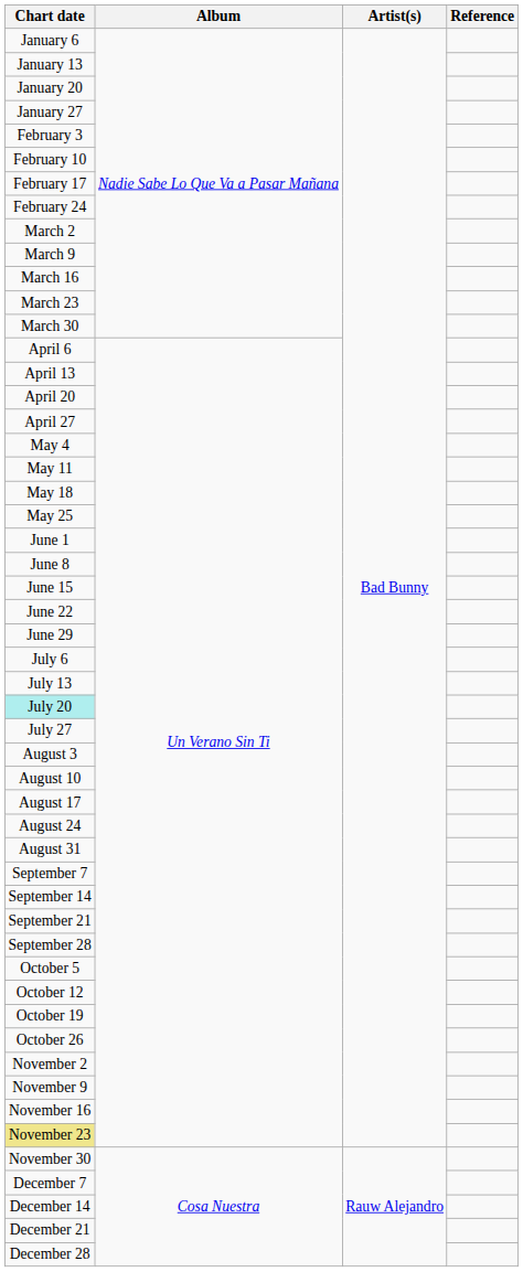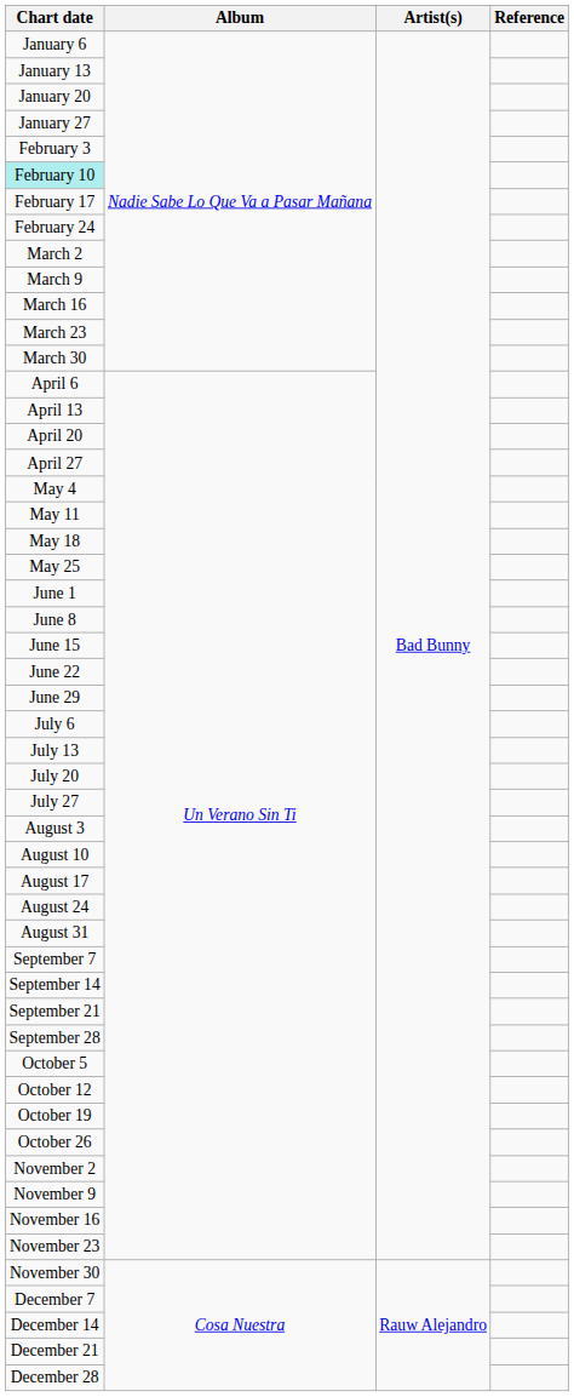 <table class="wikitable" border="1" style="text-align: center">
 <tr>
 <th>Chart date</th>
 <th>Album</th>
 <th>Artist(s)</th>
 <th class="unsortable">Reference</th>
 </tr>
 <tr>
 <td>January 6</td>
 <td rowspan="13"><em><a href='#'>Nadie Sabe Lo Que Va a Pasar Mañana</a></em></td>
 <td rowspan=47><a href='#'>Bad Bunny</a></td>
 <td></td>
 </tr>
 <tr>
 <td>January 13</td>
 <td></td>
 </tr>
 <tr>
 <td>January 20</td>
 <td></td>
 </tr>
 <tr>
 <td>January 27</td>
 <td></td>
 </tr>
 <tr>
 <td>February 3</td>
 <td></td>
 </tr>
 <tr>
-<td>February 10</td>
+<td style="background: paleturquoise;">February 10</td>
 <td></td>
 </tr>
 <tr>
 <td>February 17</td>
 <td></td>
 </tr>
 <tr>
 <td>February 24</td>
 <td></td>
 </tr>
 <tr>
 <td>March 2</td>
 <td></td>
 </tr>
 <tr>
 <td>March 9</td>
 <td></td>
 </tr>
 <tr>
 <td>March 16</td>
 <td></td>
 </tr>
 <tr>
 <td>March 23</td>
 <td></td>
 </tr>
 <tr>
 <td>March 30</td>
 <td></td>
 </tr>
 <tr>
 <td>April 6</td>
 <td rowspan="34"><em><a href='#'>Un Verano Sin Ti</a></em></td>
 <td></td>
 </tr>
 <tr>
 <td>April 13</td>
 <td></td>
 </tr>
 <tr>
 <td>April 20</td>
 <td></td>
 </tr>
 <tr>
 <td>April 27</td>
 <td></td>
 </tr>
 <tr>
 <td>May 4</td>
 <td></td>
 </tr>
 <tr>
 <td>May 11</td>
 <td></td>
 </tr>
 <tr>
 <td>May 18</td>
 <td></td>
 </tr>
 <tr>
 <td>May 25</td>
 <td></td>
 </tr>
 <tr>
 <td>June 1</td>
 <td></td>
 </tr>
 <tr>
 <td>June 8</td>
 <td></td>
 </tr>
 <tr>
 <td>June 15</td>
 <td></td>
 </tr>
 <tr>
 <td>June 22</td>
 <td></td>
 </tr>
 <tr>
 <td>June 29</td>
 <td></td>
 </tr>
 <tr>
 <td>July 6</td>
 <td></td>
 </tr>
 <tr>
 <td>July 13</td>
 <td></td>
 </tr>
 <tr>
-<td style="background: paleturquoise;">July 20</td>
+<td>July 20</td>
 <td></td>
 </tr>
 <tr>
 <td>July 27</td>
 <td></td>
 </tr>
 <tr>
 <td>August 3</td>
 <td></td>
 </tr>
 <tr>
 <td>August 10</td>
 <td></td>
 </tr>
 <tr>
 <td>August 17</td>
 <td></td>
 </tr>
 <tr>
 <td>August 24</td>
 <td></td>
 </tr>
 <tr>
 <td>August 31</td>
 <td></td>
 </tr>
 <tr>
 <td>September 7</td>
 <td></td>
 </tr>
 <tr>
 <td>September 14</td>
 <td></td>
 </tr>
 <tr>
 <td>September 21</td>
 <td></td>
 </tr>
 <tr>
 <td>September 28</td>
 <td></td>
 </tr>
 <tr>
 <td>October 5</td>
 <td></td>
 </tr>
 <tr>
 <td>October 12</td>
 <td></td>
 </tr>
 <tr>
 <td>October 19</td>
 <td></td>
 </tr>
 <tr>
 <td>October 26</td>
 <td></td>
 </tr>
 <tr>
 <td>November 2</td>
 <td></td>
 </tr>
 <tr>
 <td>November 9</td>
 <td></td>
 </tr>
 <tr>
 <td>November 16</td>
 <td></td>
 </tr>
 <tr>
-<td style="background: khaki;">November 23</td>
+<td>November 23</td>
 <td></td>
 </tr>
 <tr>
 <td>November 30</td>
 <td rowspan=5><em><a href='#'>Cosa Nuestra</a></em></td>
 <td rowspan=5><a href='#'>Rauw Alejandro</a></td>
 <td></td>
 </tr>
 <tr>
 <td>December 7</td>
 <td></td>
 </tr>
 <tr>
 <td>December 14</td>
 <td></td>
 </tr>
 <tr>
 <td>December 21</td>
 <td></td>
 </tr>
 <tr>
 <td>December 28</td>
 <td></td>
 </tr>
 </table>
